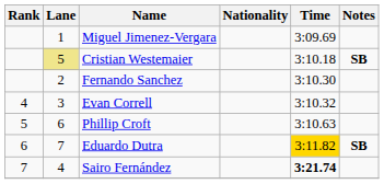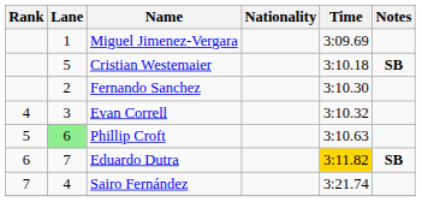 <table class="wikitable sortable" style="text-align:center">
 <tr>
 <th>Rank</th>
 <th>Lane</th>
 <th>Name</th>
 <th>Nationality</th>
 <th>Time</th>
 <th>Notes</th>
 </tr>
 <tr>
 <td></td>
 <td>1</td>
 <td align=left><a href='#'>Miguel Jimenez-Vergara</a></td>
 <td align=left></td>
 <td>3:09.69</td>
 <td></td>
 </tr>
 <tr>
 <td></td>
-<td style="background: khaki;">5</td>
+<td>5</td>
 <td align=left><a href='#'>Cristian Westemaier</a></td>
 <td align=left></td>
 <td>3:10.18</td>
 <td><strong>SB</strong></td>
 </tr>
 <tr>
 <td></td>
 <td>2</td>
 <td align=left><a href='#'>Fernando Sanchez</a></td>
 <td align=left></td>
 <td>3:10.30</td>
 <td></td>
 </tr>
 <tr>
 <td>4</td>
 <td>3</td>
 <td align=left><a href='#'>Evan Correll</a></td>
 <td align=left></td>
 <td>3:10.32</td>
 <td></td>
 </tr>
 <tr>
 <td>5</td>
-<td>6</td>
+<td style="background: lightgreen;">6</td>
 <td align=left><a href='#'>Phillip Croft</a></td>
 <td align=left></td>
 <td>3:10.63</td>
 <td></td>
 </tr>
 <tr>
 <td>6</td>
 <td>7</td>
 <td align=left><a href='#'>Eduardo Dutra</a></td>
 <td align=left></td>
 <td style="background: gold;">3:11.82</td>
 <td><strong>SB</strong></td>
 </tr>
 <tr>
 <td>7</td>
 <td>4</td>
 <td align=left><a href='#'>Sairo Fernández</a></td>
 <td align=left></td>
-<td><strong>3:21.74</strong></td>
+<td>3:21.74</td>
 <td></td>
 </tr>
 <tr>
 </tr>
 </table>
